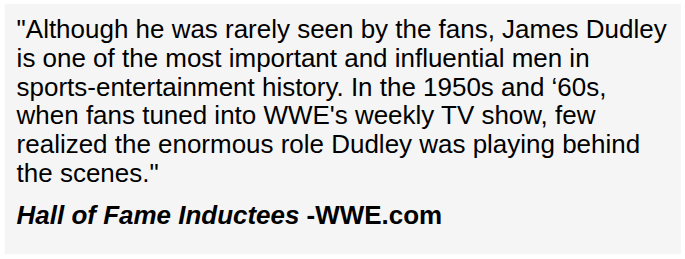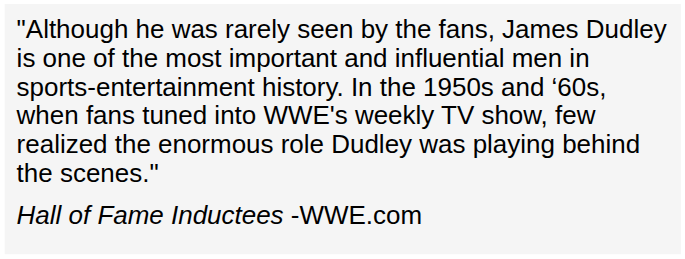 <table class="toccolours" style="float: right; margin-left: 1em; margin-right: 2em; font-size: 85%; background:whitesmoke; color:black; width:30em; max-width: 40%;" cellspacing="5">
 <tr>
 <td style="text-align: left;">"Although he was rarely seen by the fans, James Dudley is one of the most important and influential men in sports-entertainment history. In the 1950s and ‘60s, when fans tuned into WWE's weekly TV show, few realized the enormous role Dudley was playing behind the scenes."</td>
 </tr>
 <tr>
-<td style="text-align: left;"><strong><em>Hall of Fame Inductees</em>  -WWE.com</strong></td>
+<td style="text-align: left;"><em>Hall of Fame Inductees</em>  -WWE.com</td>
 </tr>
 <tr>
 <td style="text-align: left;"></td>
 </tr>
 </table>
